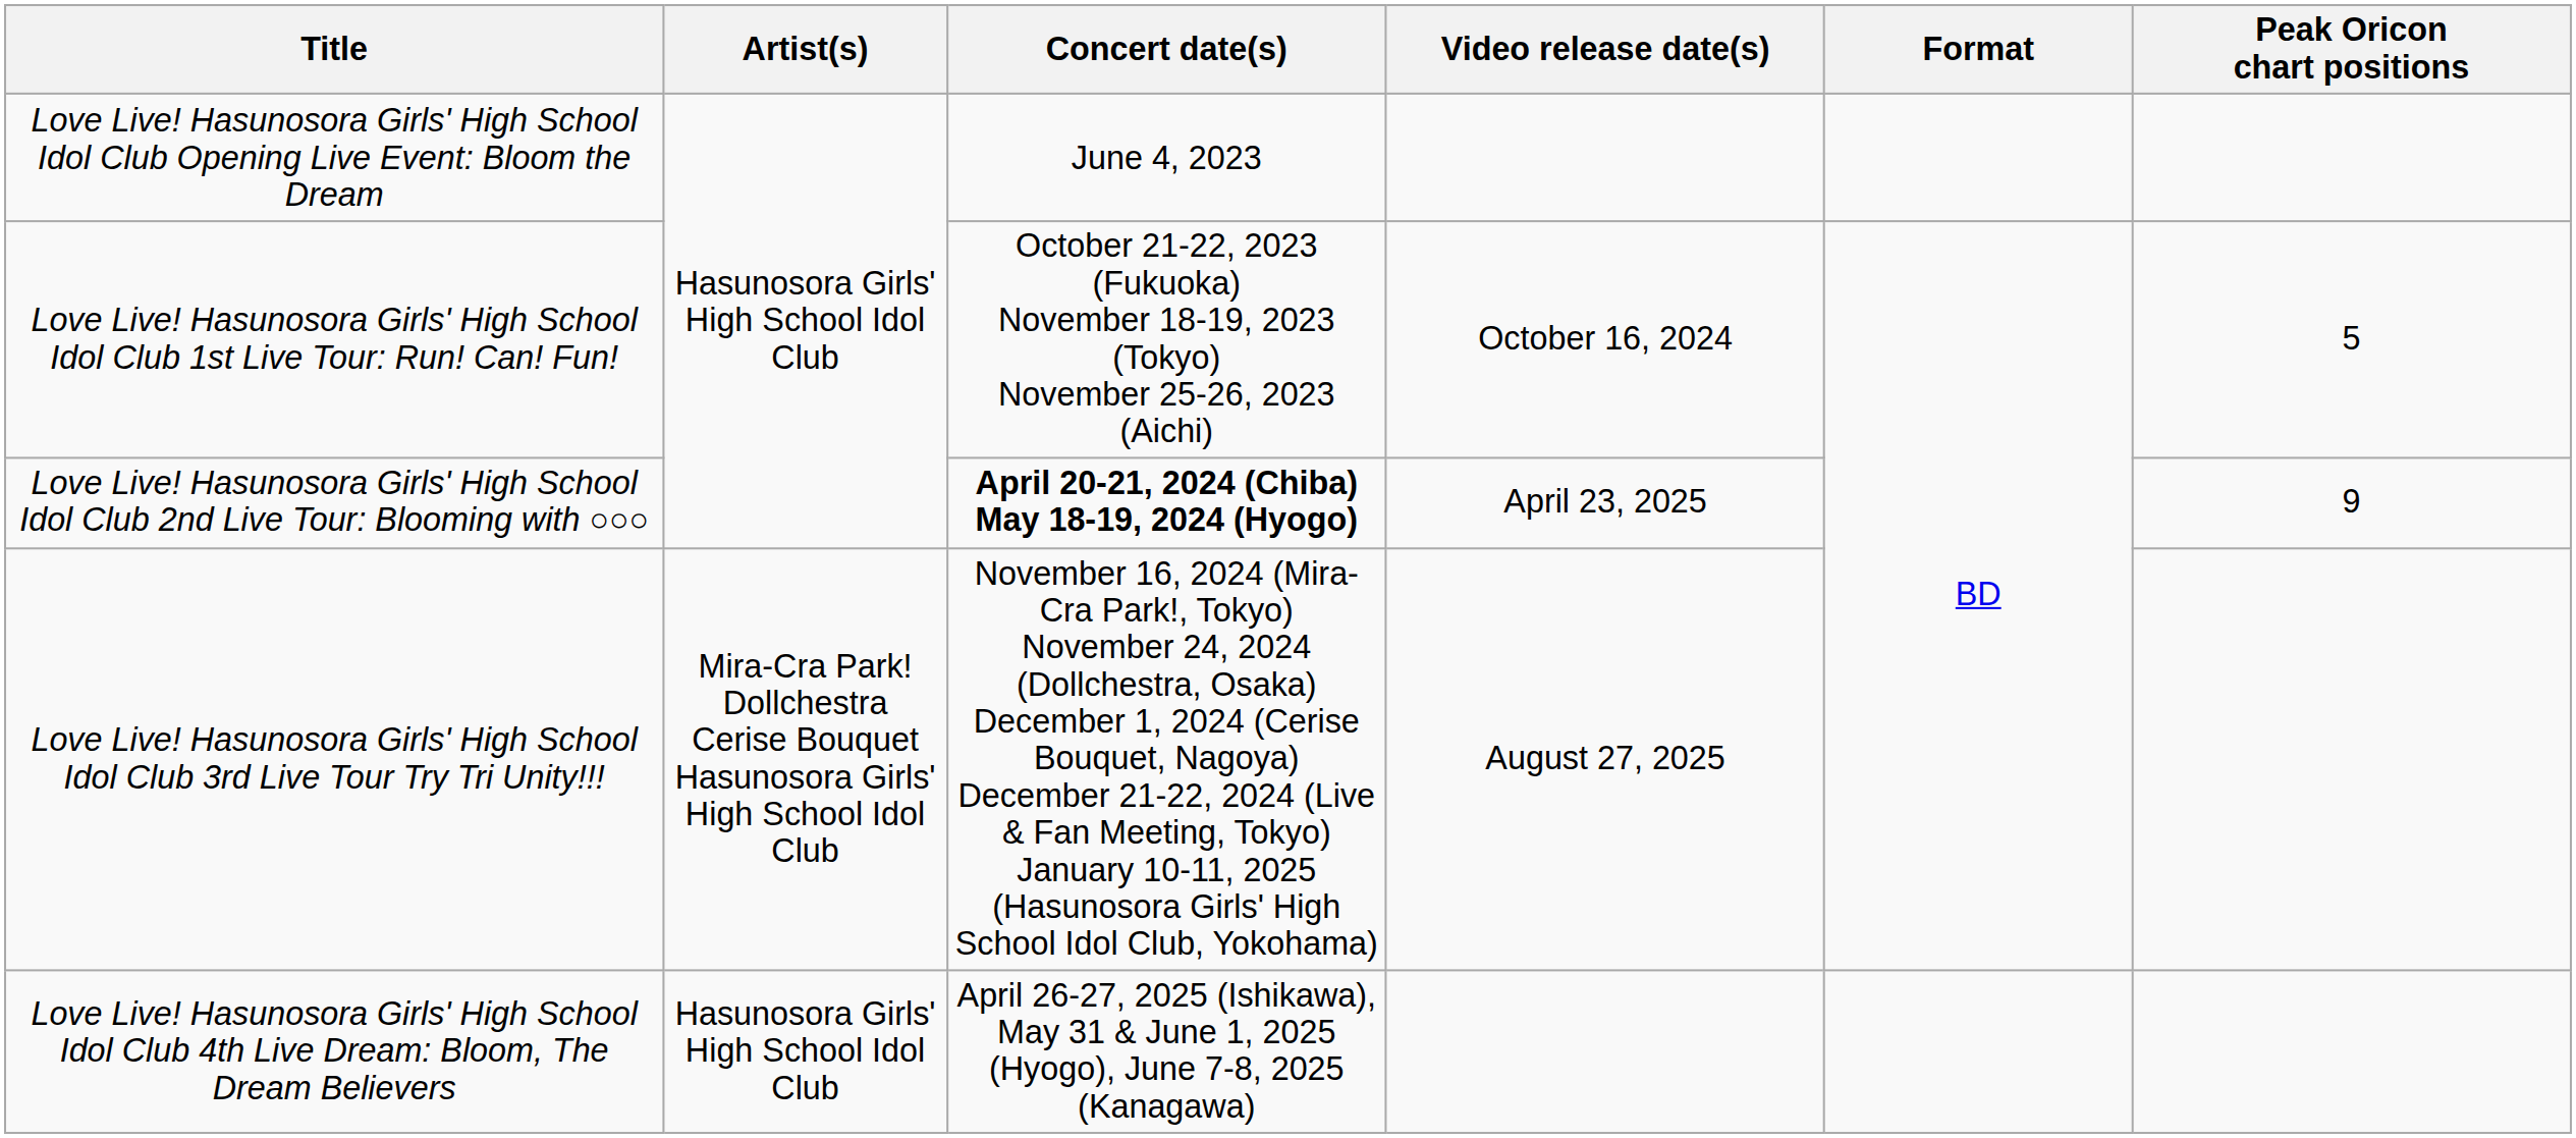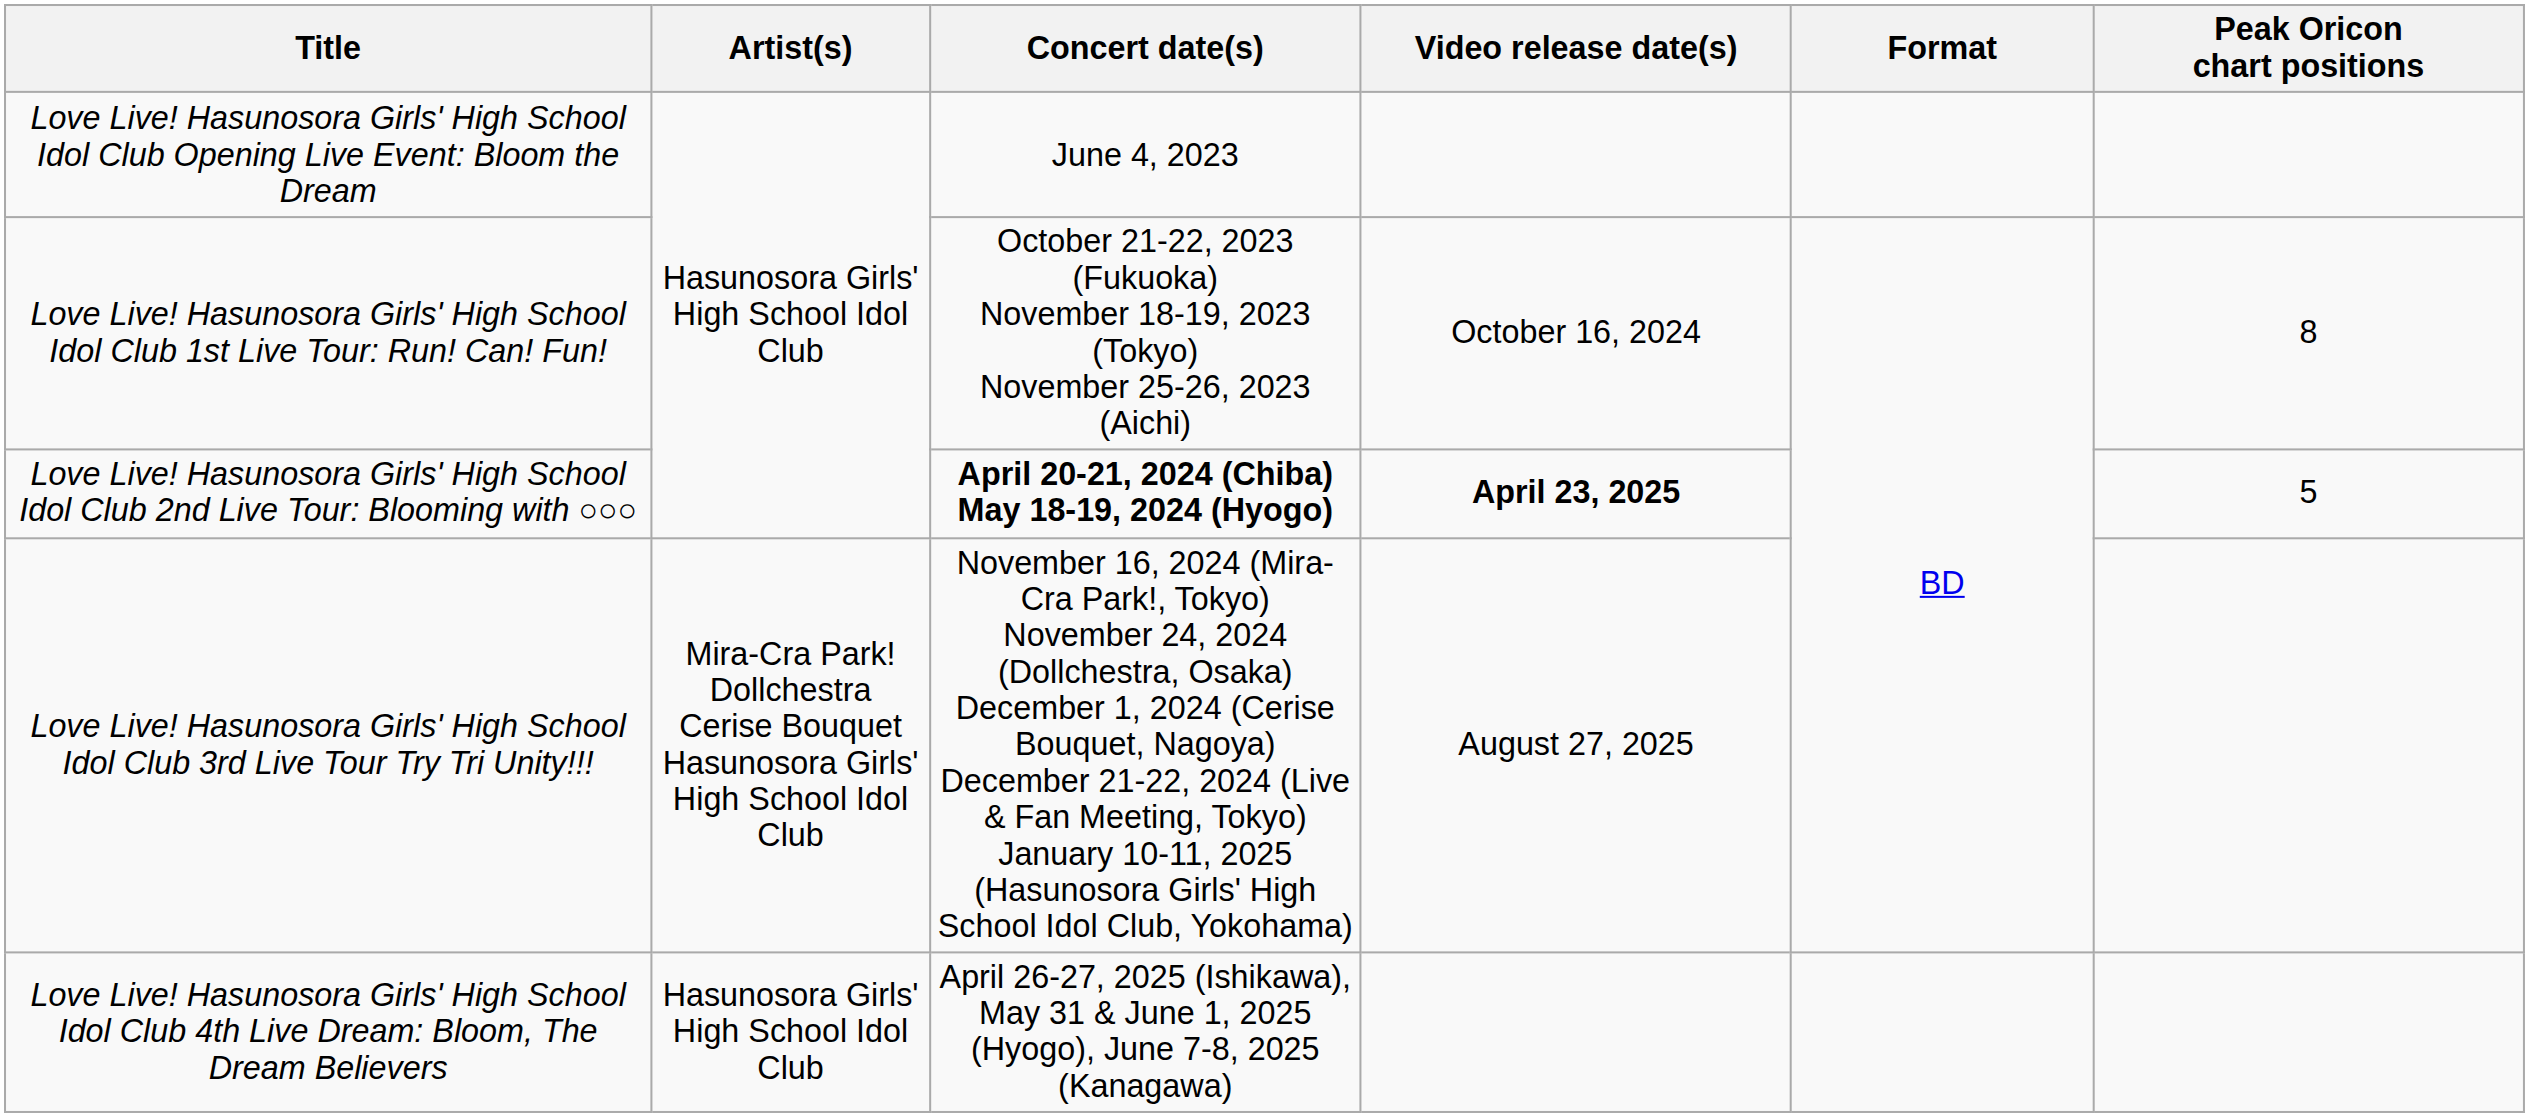 <table class="wikitable" style="text-align:center;">
 <tr>
 <th scope="col" rowspan="1" width="15%">Title</th>
 <th scope="col" rowspan="1" width="5%">Artist(s)</th>
 <th scope="col" colspan="1" width="10%">Concert date(s)</th>
 <th scope="col" colspan="1" width="10%">Video release date(s)</th>
 <th scope="col" colspan="1" width="7%">Format</th>
 <th scope="col" colspan="1" width="10%">Peak Oricon<br>chart positions</th>
 </tr>
 <tr>
 <td><em>Love Live! Hasunosora Girls' High School Idol Club Opening Live Event: Bloom the Dream</em></td>
 <td rowspan="3">Hasunosora Girls' High School Idol Club</td>
 <td>June 4, 2023</td>
 <td></td>
 <td></td>
 <td></td>
 </tr>
 <tr>
 <td><em>Love Live! Hasunosora Girls' High School Idol Club 1st Live Tour: Run! Can! Fun!</em></td>
 <td>October 21-22, 2023 (Fukuoka)<br>November 18-19, 2023 (Tokyo)<br>November 25-26, 2023 (Aichi)</td>
 <td>October 16, 2024</td>
 <td rowspan=3><a href='#'>BD</a></td>
-<td>5</td>
+<td>8</td>
 </tr>
 <tr>
 <td><em>Love Live! Hasunosora Girls' High School Idol Club 2nd Live Tour: Blooming with ○○○</em></td>
 <td><strong>April 20-21, 2024 (Chiba)<br>May 18-19, 2024 (Hyogo)</strong></td>
-<td>April 23, 2025</td>
-<td>9</td>
+<td><strong>April 23, 2025</strong></td>
+<td>5</td>
 </tr>
 <tr>
 <td><em>Love Live! Hasunosora Girls' High School Idol Club 3rd Live Tour Try Tri Unity!!!</em></td>
 <td>Mira-Cra Park!<br>Dollchestra<br>Cerise Bouquet<br>Hasunosora Girls' High School Idol Club</td>
 <td>November 16, 2024 (Mira-Cra Park!, Tokyo)<br>November 24, 2024 (Dollchestra, Osaka)<br>December 1, 2024 (Cerise Bouquet, Nagoya)<br>December 21-22, 2024 (Live & Fan Meeting, Tokyo)<br>January 10-11, 2025 (Hasunosora Girls' High School Idol Club, Yokohama)</td>
 <td>August 27, 2025</td>
 <td></td>
 </tr>
 <tr>
 <td><em>Love Live! Hasunosora Girls' High School Idol Club 4th Live Dream: Bloom, The Dream Believers</em></td>
 <td>Hasunosora Girls' High School Idol Club</td>
 <td>April 26-27, 2025 (Ishikawa), May 31 & June 1, 2025 (Hyogo), June 7-8, 2025 (Kanagawa)</td>
 <td></td>
 <td></td>
 <td></td>
 </tr>
 </table>
